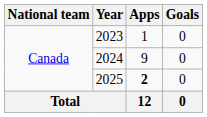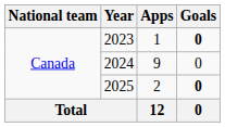 <table class="wikitable" style="text-align:center">
 <tr>
 <th>National team</th>
 <th>Year</th>
 <th>Apps</th>
 <th>Goals</th>
 </tr>
 <tr>
 <td rowspan="3"><a href='#'>Canada</a></td>
 <td>2023</td>
 <td>1</td>
-<td>0</td>
+<td><strong>0</strong></td>
 </tr>
 <tr>
 <td>2024</td>
 <td>9</td>
 <td>0</td>
 </tr>
 <tr>
 <td>2025</td>
-<td><strong>2</strong></td>
-<td>0</td>
+<td>2</td>
+<td><strong>0</strong></td>
 </tr>
 <tr>
 <th colspan="2">Total</th>
 <th>12</th>
 <th>0</th>
 </tr>
 </table>
